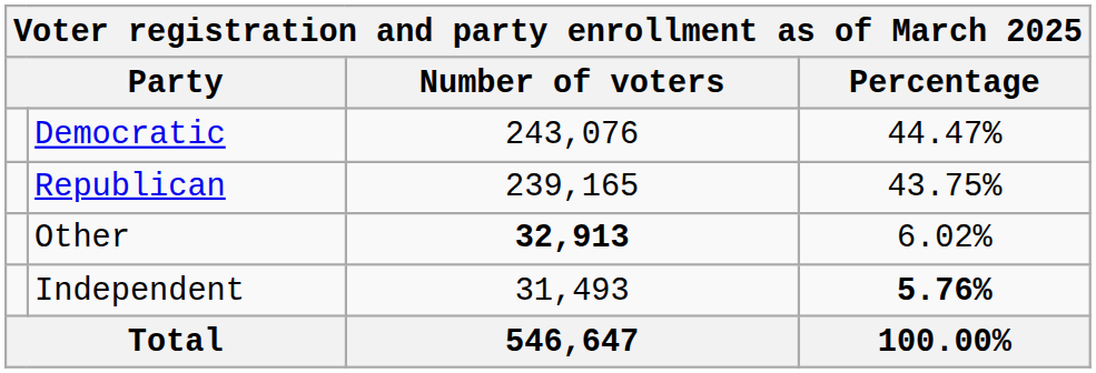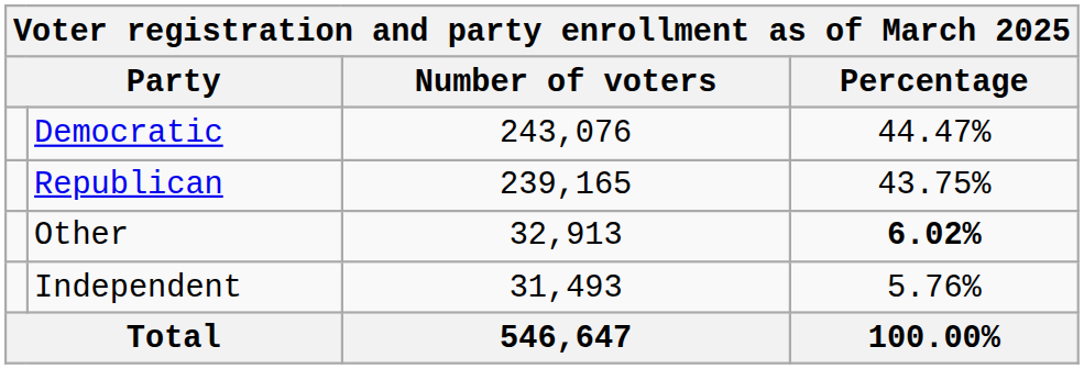 <table class="wikitable">
 <tr>
 <th colspan="6">Voter registration and party enrollment as of March 2025</th>
 </tr>
 <tr>
 <th colspan="2">Party</th>
 <th>Number of voters</th>
 <th>Percentage</th>
 </tr>
 <tr>
 <td></td>
 <td><a href='#'>Democratic</a></td>
 <td style="text-align:center;">243,076</td>
 <td style="text-align:center;">44.47%</td>
 </tr>
 <tr>
 <td></td>
 <td><a href='#'>Republican</a></td>
 <td style="text-align:center;">239,165</td>
 <td style="text-align:center;">43.75%</td>
 </tr>
 <tr>
 <td></td>
 <td>Other</td>
-<td style="text-align:center;"><strong>32,913</strong></td>
-<td style="text-align:center;">6.02%</td>
+<td style="text-align:center;">32,913</td>
+<td style="text-align:center;"><strong>6.02%</strong></td>
 </tr>
 <tr>
 <td></td>
 <td>Independent</td>
 <td style="text-align:center;">31,493</td>
-<td style="text-align:center;"><strong>5.76%</strong></td>
+<td style="text-align:center;">5.76%</td>
 </tr>
 <tr>
 <th colspan="2">Total</th>
 <th style="text-align:center;">546,647</th>
 <th style="text-align:center;">100.00%</th>
 </tr>
 </table>
